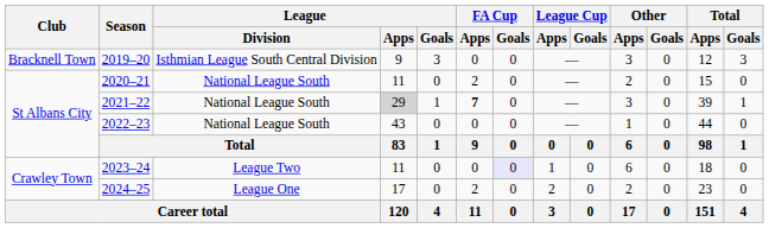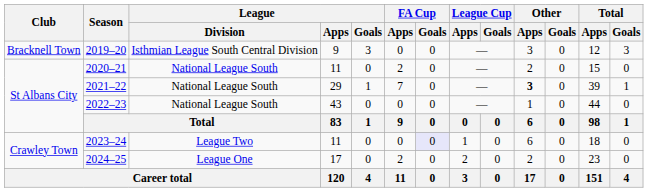 <table class="wikitable" style="text-align: center">
 <tr>
 <th rowspan="2">Club</th>
 <th rowspan="2">Season</th>
 <th colspan="3">League</th>
 <th colspan="2"><a href='#'>FA Cup</a></th>
 <th colspan="2"><a href='#'>League Cup</a></th>
 <th colspan="2">Other</th>
 <th colspan="2">Total</th>
 </tr>
 <tr>
 <th>Division</th>
 <th>Apps</th>
 <th>Goals</th>
 <th>Apps</th>
 <th>Goals</th>
 <th>Apps</th>
 <th>Goals</th>
 <th>Apps</th>
 <th>Goals</th>
 <th>Apps</th>
 <th>Goals</th>
 </tr>
 <tr>
 <td><a href='#'>Bracknell Town</a></td>
 <td><a href='#'>2019–20</a></td>
 <td><a href='#'>Isthmian League</a> South Central Division</td>
 <td>9</td>
 <td>3</td>
 <td>0</td>
 <td>0</td>
 <td colspan="2">—</td>
 <td>3</td>
 <td>0</td>
 <td>12</td>
 <td>3</td>
 </tr>
 <tr>
 <td rowspan="4"><a href='#'>St Albans City</a></td>
 <td><a href='#'>2020–21</a></td>
 <td><a href='#'>National League South</a></td>
 <td>11</td>
 <td>0</td>
 <td>2</td>
 <td>0</td>
 <td colspan="2">—</td>
 <td>2</td>
 <td>0</td>
 <td>15</td>
 <td>0</td>
 </tr>
 <tr>
 <td><a href='#'>2021–22</a></td>
 <td>National League South</td>
-<td style="background: lightgrey;">29</td>
+<td>29</td>
 <td>1</td>
-<td><strong>7</strong></td>
+<td>7</td>
 <td>0</td>
 <td colspan="2">—</td>
-<td>3</td>
+<td><strong>3</strong></td>
 <td>0</td>
 <td>39</td>
 <td>1</td>
 </tr>
 <tr>
 <td><a href='#'>2022–23</a></td>
 <td>National League South</td>
 <td>43</td>
 <td>0</td>
 <td>0</td>
 <td>0</td>
 <td colspan="2">—</td>
 <td>1</td>
 <td>0</td>
 <td>44</td>
 <td>0</td>
 </tr>
 <tr>
 <th colspan="2">Total</th>
 <th>83</th>
 <th>1</th>
 <th>9</th>
 <th>0</th>
 <th>0</th>
 <th>0</th>
 <th>6</th>
 <th>0</th>
 <th>98</th>
 <th>1</th>
 </tr>
 <tr>
 <td rowspan="2"><a href='#'>Crawley Town</a></td>
 <td><a href='#'>2023–24</a></td>
 <td><a href='#'>League Two</a></td>
 <td>11</td>
 <td>0</td>
 <td>0</td>
 <td style="background: lavender;">0</td>
 <td>1</td>
 <td>0</td>
 <td>6</td>
 <td>0</td>
 <td>18</td>
 <td>0</td>
 </tr>
 <tr>
 <td><a href='#'>2024–25</a></td>
 <td><a href='#'>League One</a></td>
 <td>17</td>
 <td>0</td>
 <td>2</td>
 <td>0</td>
 <td>2</td>
 <td>0</td>
 <td>2</td>
 <td>0</td>
 <td>23</td>
 <td>0</td>
 </tr>
 <tr>
 <th colspan="3">Career total</th>
 <th>120</th>
 <th>4</th>
 <th>11</th>
 <th>0</th>
 <th>3</th>
 <th>0</th>
 <th>17</th>
 <th>0</th>
 <th>151</th>
 <th>4</th>
 </tr>
 </table>
